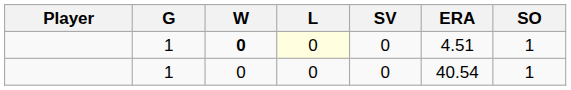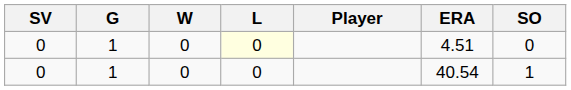 <table class="wikitable sortable" style="text-align:center; font-size: 95%;">
 <tr>
-<th bgcolor="#DDDDFF" width="16%">Player</th>
+<th bgcolor="#DDDDFF" width="9%">SV</th>
 <th bgcolor="#DDDDFF" width="9%">G</th>
 <th bgcolor="#DDDDFF" width="9%">W</th>
 <th bgcolor="#DDDDFF" width="9%">L</th>
-<th bgcolor="#DDDDFF" width="9%">SV</th>
+<th bgcolor="#DDDDFF" width="16%">Player</th>
 <th bgcolor="#DDDDFF" width="9%">ERA</th>
 <th bgcolor="#DDDDFF" width="9%">SO</th>
 </tr>
 <tr>
+<td>0</td>
+<td>1</td>
+<td>0</td>
+<td style="background: lightyellow;">0</td>
 <td></td>
-<td>1</td>
-<td><strong>0</strong></td>
-<td style="background: lightyellow;">0</td>
+<td>4.51</td>
 <td>0</td>
-<td>4.51</td>
-<td>1</td>
 </tr>
 <tr>
-<td></td>
+<td>0</td>
 <td>1</td>
 <td>0</td>
 <td>0</td>
-<td>0</td>
+<td></td>
 <td>40.54</td>
 <td>1</td>
 </tr>
 </table>
